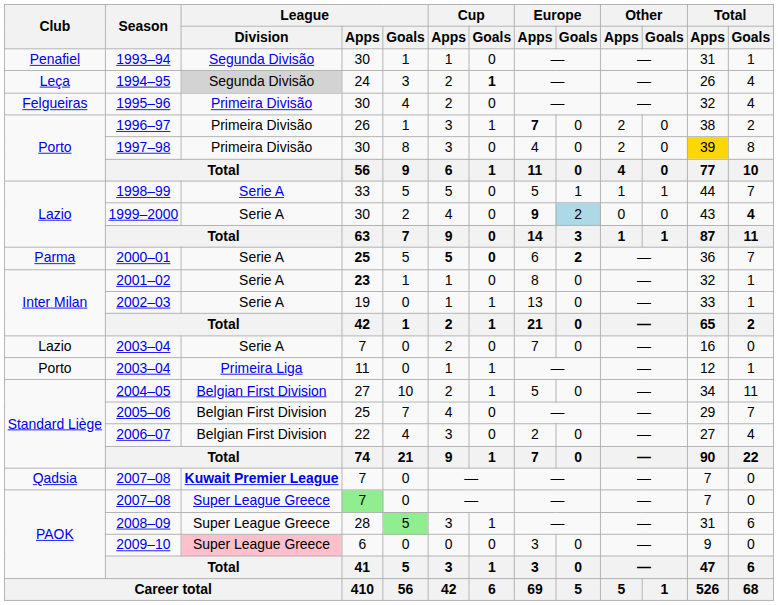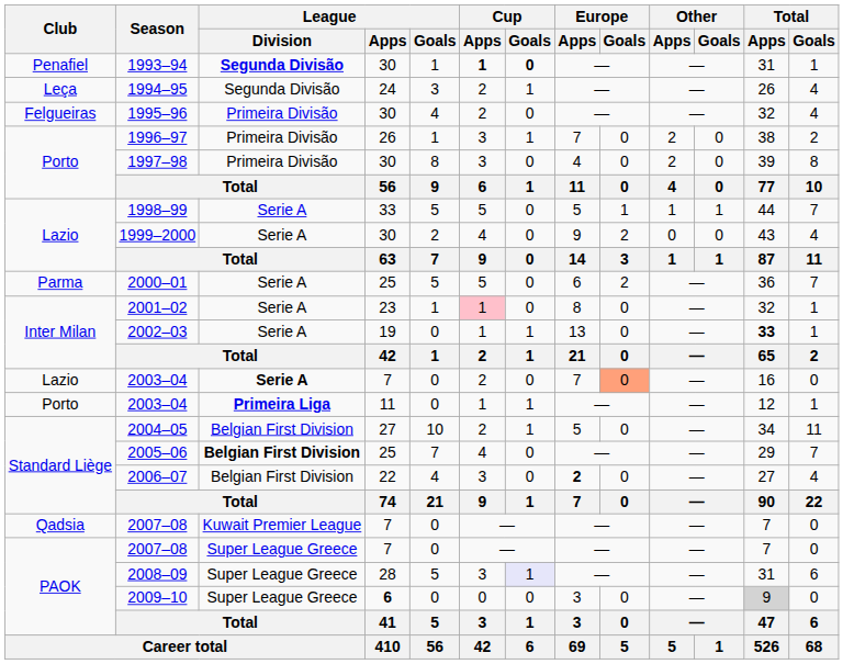 <table class="wikitable" style="text-align:center">
 <tr>
 <th rowspan="2">Club</th>
 <th rowspan="2">Season</th>
 <th colspan="3">League</th>
 <th colspan="2">Cup</th>
 <th colspan="2">Europe</th>
 <th colspan="2">Other</th>
 <th colspan="2">Total</th>
 </tr>
 <tr>
 <th>Division</th>
 <th>Apps</th>
 <th>Goals</th>
 <th>Apps</th>
 <th>Goals</th>
 <th>Apps</th>
 <th>Goals</th>
 <th>Apps</th>
 <th>Goals</th>
 <th>Apps</th>
 <th>Goals</th>
 </tr>
 <tr>
 <td><a href='#'>Penafiel</a></td>
 <td><a href='#'>1993–94</a></td>
-<td><a href='#'>Segunda Divisão</a></td>
+<td><strong><a href='#'>Segunda Divisão</a></strong></td>
 <td>30</td>
 <td>1</td>
-<td>1</td>
-<td>0</td>
+<td><strong>1</strong></td>
+<td><strong>0</strong></td>
 <td colspan="2">—</td>
 <td colspan="2">—</td>
 <td>31</td>
 <td>1</td>
 </tr>
 <tr>
 <td><a href='#'>Leça</a></td>
 <td><a href='#'>1994–95</a></td>
-<td style="background: lightgrey;">Segunda Divisão</td>
+<td>Segunda Divisão</td>
 <td>24</td>
 <td>3</td>
 <td>2</td>
-<td><strong>1</strong></td>
+<td>1</td>
 <td colspan="2">—</td>
 <td colspan="2">—</td>
 <td>26</td>
 <td>4</td>
 </tr>
 <tr>
 <td><a href='#'>Felgueiras</a></td>
 <td><a href='#'>1995–96</a></td>
 <td><a href='#'>Primeira Divisão</a></td>
 <td>30</td>
 <td>4</td>
 <td>2</td>
 <td>0</td>
 <td colspan="2">—</td>
 <td colspan="2">—</td>
 <td>32</td>
 <td>4</td>
 </tr>
 <tr>
 <td rowspan="3"><a href='#'>Porto</a></td>
 <td><a href='#'>1996–97</a></td>
 <td>Primeira Divisão</td>
 <td>26</td>
 <td>1</td>
 <td>3</td>
 <td>1</td>
-<td><strong>7</strong></td>
+<td>7</td>
 <td>0</td>
 <td>2</td>
 <td>0</td>
 <td>38</td>
 <td>2</td>
 </tr>
 <tr>
 <td><a href='#'>1997–98</a></td>
 <td>Primeira Divisão</td>
 <td>30</td>
 <td>8</td>
 <td>3</td>
 <td>0</td>
 <td>4</td>
 <td>0</td>
 <td>2</td>
 <td>0</td>
-<td style="background: gold;">39</td>
+<td>39</td>
 <td>8</td>
 </tr>
 <tr>
 <th colspan="2">Total</th>
 <th>56</th>
 <th>9</th>
 <th>6</th>
 <th>1</th>
 <th>11</th>
 <th>0</th>
 <th>4</th>
 <th>0</th>
 <th>77</th>
 <th>10</th>
 </tr>
 <tr>
 <td rowspan="3"><a href='#'>Lazio</a></td>
 <td><a href='#'>1998–99</a></td>
 <td><a href='#'>Serie A</a></td>
 <td>33</td>
 <td>5</td>
 <td>5</td>
 <td>0</td>
 <td>5</td>
 <td>1</td>
 <td>1</td>
 <td>1</td>
 <td>44</td>
 <td>7</td>
 </tr>
 <tr>
 <td><a href='#'>1999–2000</a></td>
 <td>Serie A</td>
 <td>30</td>
 <td>2</td>
 <td>4</td>
 <td>0</td>
-<td><strong>9</strong></td>
-<td style="background: lightblue;">2</td>
+<td>9</td>
+<td>2</td>
 <td>0</td>
 <td>0</td>
 <td>43</td>
-<td><strong>4</strong></td>
+<td>4</td>
 </tr>
 <tr>
 <th colspan="2">Total</th>
 <th>63</th>
 <th>7</th>
 <th>9</th>
 <th>0</th>
 <th>14</th>
 <th>3</th>
 <th>1</th>
 <th>1</th>
 <th>87</th>
 <th>11</th>
 </tr>
 <tr>
 <td><a href='#'>Parma</a></td>
 <td><a href='#'>2000–01</a></td>
 <td>Serie A</td>
-<td><strong>25</strong></td>
+<td>25</td>
 <td>5</td>
-<td><strong>5</strong></td>
-<td><strong>0</strong></td>
+<td>5</td>
+<td>0</td>
 <td>6</td>
-<td><strong>2</strong></td>
+<td>2</td>
 <td colspan="2">—</td>
 <td>36</td>
 <td>7</td>
 </tr>
 <tr>
 <td rowspan="3"><a href='#'>Inter Milan</a></td>
 <td><a href='#'>2001–02</a></td>
 <td>Serie A</td>
-<td><strong>23</strong></td>
+<td>23</td>
 <td>1</td>
-<td>1</td>
+<td style="background: pink;">1</td>
 <td>0</td>
 <td>8</td>
 <td>0</td>
 <td colspan="2">—</td>
 <td>32</td>
 <td>1</td>
 </tr>
 <tr>
 <td><a href='#'>2002–03</a></td>
 <td>Serie A</td>
 <td>19</td>
 <td>0</td>
 <td>1</td>
 <td>1</td>
 <td>13</td>
 <td>0</td>
 <td colspan="2">—</td>
-<td>33</td>
+<td><strong>33</strong></td>
 <td>1</td>
 </tr>
 <tr>
 <th colspan="2">Total</th>
 <th>42</th>
 <th>1</th>
 <th>2</th>
 <th>1</th>
 <th>21</th>
 <th>0</th>
 <th colspan="2">—</th>
 <th>65</th>
 <th>2</th>
 </tr>
 <tr>
 <td>Lazio</td>
 <td><a href='#'>2003–04</a></td>
-<td>Serie A</td>
+<td><strong>Serie A</strong></td>
 <td>7</td>
 <td>0</td>
 <td>2</td>
 <td>0</td>
 <td>7</td>
-<td>0</td>
+<td style="background: lightsalmon;">0</td>
 <td colspan="2">—</td>
 <td>16</td>
 <td>0</td>
 </tr>
 <tr>
 <td>Porto</td>
 <td><a href='#'>2003–04</a></td>
-<td><a href='#'>Primeira Liga</a></td>
+<td><strong><a href='#'>Primeira Liga</a></strong></td>
 <td>11</td>
 <td>0</td>
 <td>1</td>
 <td>1</td>
 <td colspan="2">—</td>
 <td colspan="2">—</td>
 <td>12</td>
 <td>1</td>
 </tr>
 <tr>
 <td rowspan="4"><a href='#'>Standard Liège</a></td>
 <td><a href='#'>2004–05</a></td>
 <td><a href='#'>Belgian First Division</a></td>
 <td>27</td>
 <td>10</td>
 <td>2</td>
 <td>1</td>
 <td>5</td>
 <td>0</td>
 <td colspan="2">—</td>
 <td>34</td>
 <td>11</td>
 </tr>
 <tr>
 <td><a href='#'>2005–06</a></td>
-<td>Belgian First Division</td>
+<td><strong>Belgian First Division</strong></td>
 <td>25</td>
 <td>7</td>
 <td>4</td>
 <td>0</td>
 <td colspan="2">—</td>
 <td colspan="2">—</td>
 <td>29</td>
 <td>7</td>
 </tr>
 <tr>
 <td><a href='#'>2006–07</a></td>
 <td>Belgian First Division</td>
 <td>22</td>
 <td>4</td>
 <td>3</td>
 <td>0</td>
-<td>2</td>
+<td><strong>2</strong></td>
 <td>0</td>
 <td colspan="2">—</td>
 <td>27</td>
 <td>4</td>
 </tr>
 <tr>
 <th colspan="2">Total</th>
 <th>74</th>
 <th>21</th>
 <th>9</th>
 <th>1</th>
 <th>7</th>
 <th>0</th>
 <th colspan="2">—</th>
 <th>90</th>
 <th>22</th>
 </tr>
 <tr>
 <td><a href='#'>Qadsia</a></td>
 <td><a href='#'>2007–08</a></td>
-<td><strong><a href='#'>Kuwait Premier League</a></strong></td>
+<td><a href='#'>Kuwait Premier League</a></td>
 <td>7</td>
 <td>0</td>
 <td colspan="2">—</td>
 <td colspan="2">—</td>
 <td colspan="2">—</td>
 <td>7</td>
 <td>0</td>
 </tr>
 <tr>
 <td rowspan="4"><a href='#'>PAOK</a></td>
 <td><a href='#'>2007–08</a></td>
 <td><a href='#'>Super League Greece</a></td>
-<td style="background: lightgreen;">7</td>
+<td>7</td>
 <td>0</td>
 <td colspan="2">—</td>
 <td colspan="2">—</td>
 <td colspan="2">—</td>
 <td>7</td>
 <td>0</td>
 </tr>
 <tr>
 <td><a href='#'>2008–09</a></td>
 <td>Super League Greece</td>
 <td>28</td>
-<td style="background: lightgreen;">5</td>
+<td>5</td>
 <td>3</td>
-<td>1</td>
+<td style="background: lavender;">1</td>
 <td colspan="2">—</td>
 <td colspan="2">—</td>
 <td>31</td>
 <td>6</td>
 </tr>
 <tr>
 <td><a href='#'>2009–10</a></td>
-<td style="background: pink;">Super League Greece</td>
-<td>6</td>
+<td>Super League Greece</td>
+<td><strong>6</strong></td>
 <td>0</td>
 <td>0</td>
 <td>0</td>
 <td>3</td>
 <td>0</td>
 <td colspan="2">—</td>
-<td>9</td>
+<td style="background: lightgrey;">9</td>
 <td>0</td>
 </tr>
 <tr>
 <th colspan="2">Total</th>
 <th>41</th>
 <th>5</th>
 <th>3</th>
 <th>1</th>
 <th>3</th>
 <th>0</th>
 <th colspan="2">—</th>
 <th>47</th>
 <th>6</th>
 </tr>
 <tr>
 <th colspan="3">Career total</th>
 <th>410</th>
 <th>56</th>
 <th>42</th>
 <th>6</th>
 <th>69</th>
 <th>5</th>
 <th>5</th>
 <th>1</th>
 <th>526</th>
 <th>68</th>
 </tr>
 </table>
